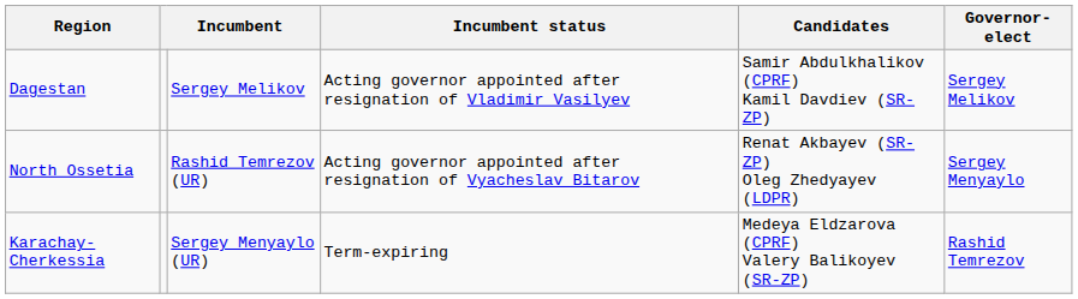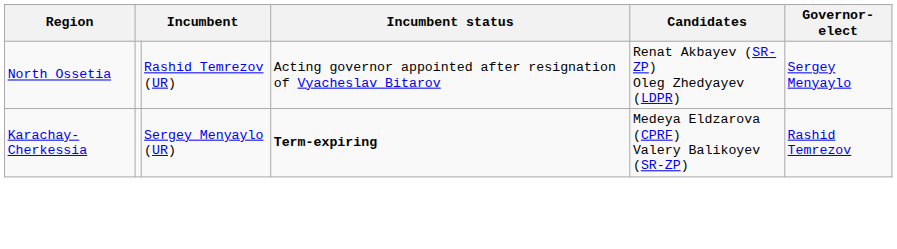 <table class="wikitable sortable"'3'>
 <tr>
 <th>Region</th>
 <th colspan=2>Incumbent</th>
 <th>Incumbent status</th>
 <th>Candidates</th>
 <th>Governor-elect</th>
-</tr>
-<tr>
-<td><a href='#'>Dagestan</a></td>
-<td style="background: "></td>
-<td><a href='#'>Sergey Melikov</a></td>
-<td>Acting governor appointed after resignation of <a href='#'>Vladimir Vasilyev</a></td>
-<td>Samir Abdulkhalikov (<a href='#'>CPRF</a>)<br>Kamil Davdiev (<a href='#'>SR-ZP</a>)</td>
-<td><a href='#'>Sergey Melikov</a> </td>
 </tr>
 <tr>
 <td><a href='#'>North Ossetia</a></td>
 <td style="background: "></td>
 <td><a href='#'>Rashid Temrezov</a> (<a href='#'>UR</a>)</td>
 <td>Acting governor appointed after resignation of <a href='#'>Vyacheslav Bitarov</a></td>
 <td>Renat Akbayev (<a href='#'>SR-ZP</a>)<br>Oleg Zhedyayev (<a href='#'>LDPR</a>)</td>
 <td><a href='#'>Sergey Menyaylo</a> </td>
 </tr>
 <tr>
 <td><a href='#'>Karachay-Cherkessia</a></td>
 <td style="background: "></td>
 <td><a href='#'>Sergey Menyaylo</a> (<a href='#'>UR</a>)</td>
-<td>Term-expiring</td>
+<td><strong>Term-expiring</strong></td>
 <td>Medeya Eldzarova (<a href='#'>CPRF</a>)<br>Valery Balikoyev (<a href='#'>SR-ZP</a>)</td>
 <td><a href='#'>Rashid Temrezov</a> </td>
 </tr>
 </table>
